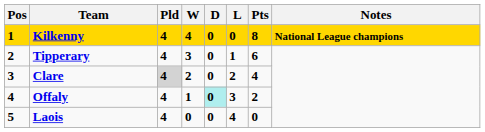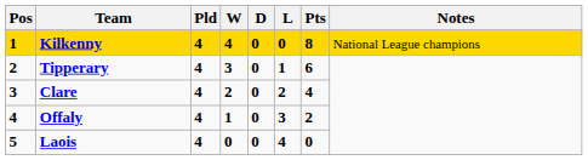 <table class="wikitable" style="text-align: centre;">
 <tr>
 <th width=20>Pos</th>
 <th width=150>Team</th>
 <th width=20>Pld</th>
 <th width=20>W</th>
 <th width=20>D</th>
 <th width=20>L</th>
 <th width=20>Pts</th>
 <th width=250>Notes</th>
 </tr>
 <tr style="background:gold;">
 <td><strong>1</strong></td>
 <td align=left><strong> <a href='#'>Kilkenny</a> </strong></td>
 <td><strong>4</strong></td>
 <td><strong>4</strong></td>
 <td><strong>0</strong></td>
 <td><strong>0</strong></td>
 <td><strong>8</strong></td>
-<td><strong><small>National League champions</small></strong></td>
+<td><small>National League champions</small></td>
 </tr>
 <tr>
 <td><strong>2</strong></td>
 <td align=left><strong> <a href='#'>Tipperary</a> </strong></td>
 <td><strong>4</strong></td>
 <td><strong>3</strong></td>
 <td><strong>0</strong></td>
 <td><strong>1</strong></td>
 <td><strong>6</strong></td>
 </tr>
 <tr>
 <td><strong>3</strong></td>
 <td align=left><strong> <a href='#'>Clare</a> </strong></td>
-<td style="background: lightgrey;"><strong>4</strong></td>
+<td><strong>4</strong></td>
 <td><strong>2</strong></td>
 <td><strong>0</strong></td>
 <td><strong>2</strong></td>
 <td><strong>4</strong></td>
 </tr>
 <tr>
 <td><strong>4</strong></td>
 <td align=left><strong> <a href='#'>Offaly</a> </strong></td>
 <td><strong>4</strong></td>
 <td><strong>1</strong></td>
-<td style="background: paleturquoise;"><strong>0</strong></td>
+<td><strong>0</strong></td>
 <td><strong>3</strong></td>
 <td><strong>2</strong></td>
 </tr>
 <tr>
 <td><strong>5</strong></td>
 <td align=left><strong> <a href='#'>Laois</a> </strong></td>
 <td><strong>4</strong></td>
 <td><strong>0</strong></td>
 <td><strong>0</strong></td>
 <td><strong>4</strong></td>
 <td><strong>0</strong></td>
 </tr>
 </table>
